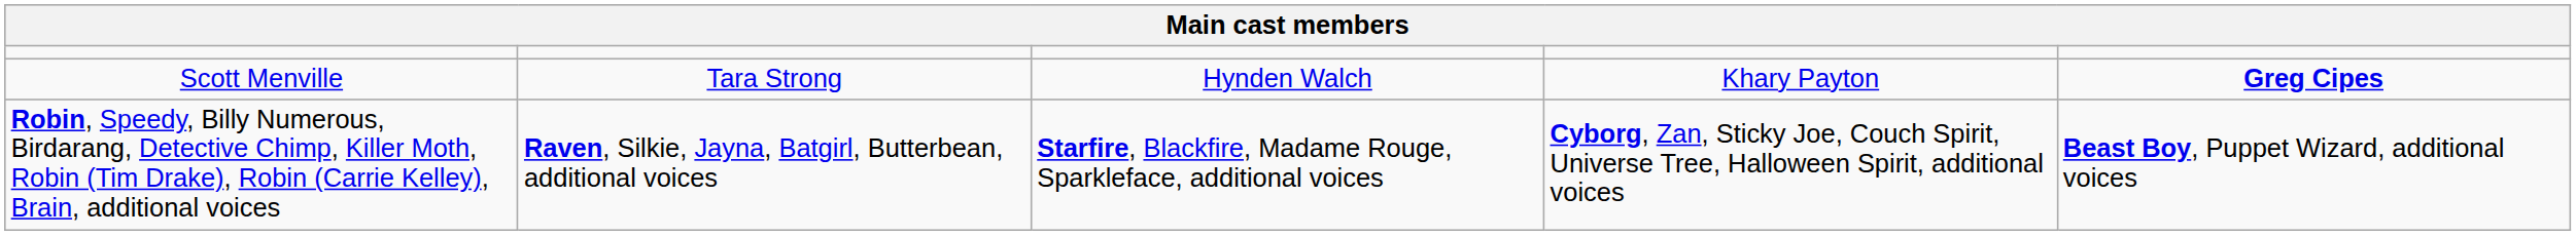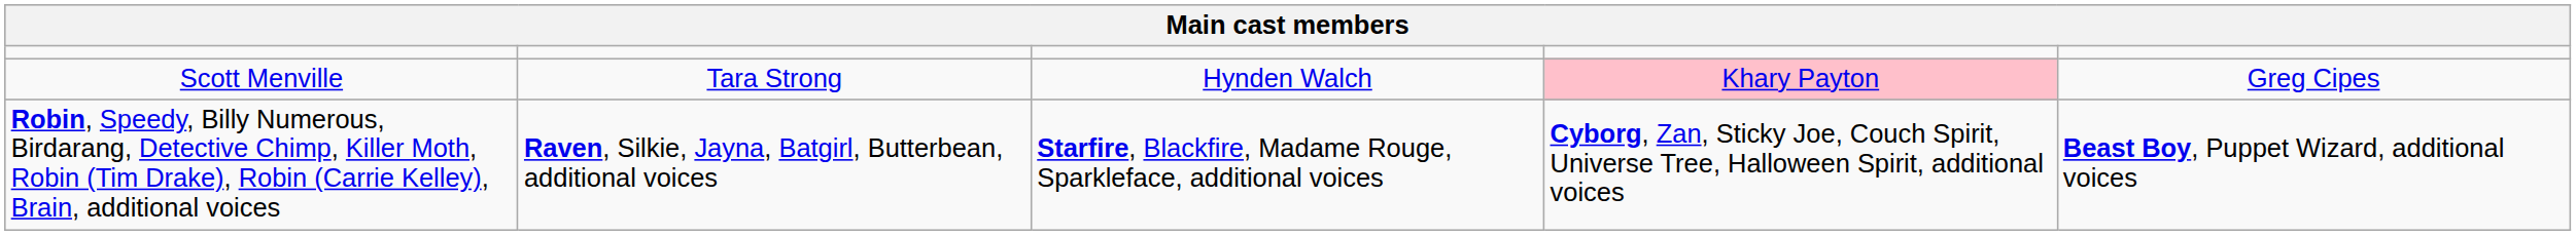 <table class="wikitable">
 <tr>
 <th colspan=6>Main cast members</th>
 </tr>
 <tr>
 <td align=center></td>
 <td align=center></td>
 <td align=center></td>
 <td align=center></td>
 <td align=center></td>
 </tr>
 <tr style="text-align:center;">
 <td style="width:16%;"><a href='#'>Scott Menville</a></td>
 <td style="width:16%;"><a href='#'>Tara Strong</a></td>
 <td style="width:16%;"><a href='#'>Hynden Walch</a></td>
-<td style="width:16%;"><a href='#'>Khary Payton</a></td>
-<td style="width:16%;"><strong><a href='#'>Greg Cipes</a></strong></td>
+<td style="background: pink; width:16%;"><a href='#'>Khary Payton</a></td>
+<td style="width:16%;"><a href='#'>Greg Cipes</a></td>
 </tr>
 <tr>
 <td width=16%><strong><a href='#'>Robin</a></strong>, <a href='#'>Speedy</a>, Billy Numerous, Birdarang, <a href='#'>Detective Chimp</a>, <a href='#'>Killer Moth</a>, <a href='#'>Robin (Tim Drake)</a>, <a href='#'>Robin (Carrie Kelley)</a>, <a href='#'>Brain</a>, additional voices</td>
 <td width="16%"><strong><a href='#'>Raven</a></strong>, Silkie, <a href='#'>Jayna</a>, <a href='#'>Batgirl</a>, Butterbean, additional voices</td>
 <td width=16%><strong><a href='#'>Starfire</a></strong>, <a href='#'>Blackfire</a>, Madame Rouge, Sparkleface, additional voices</td>
 <td width=16%><strong><a href='#'>Cyborg</a></strong>, <a href='#'>Zan</a>, Sticky Joe, Couch Spirit, Universe Tree, Halloween Spirit, additional voices</td>
 <td width=16%><strong><a href='#'>Beast Boy</a></strong>, Puppet Wizard, additional voices</td>
 </tr>
 </table>
